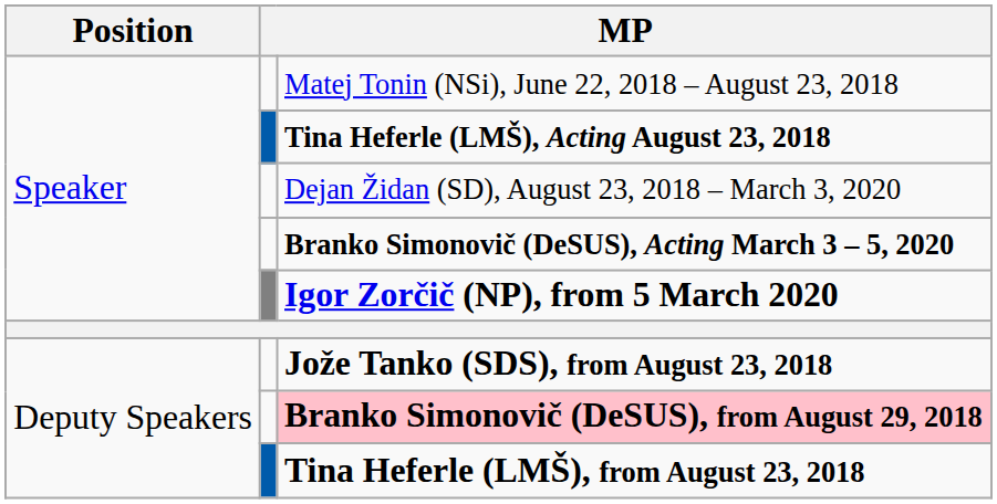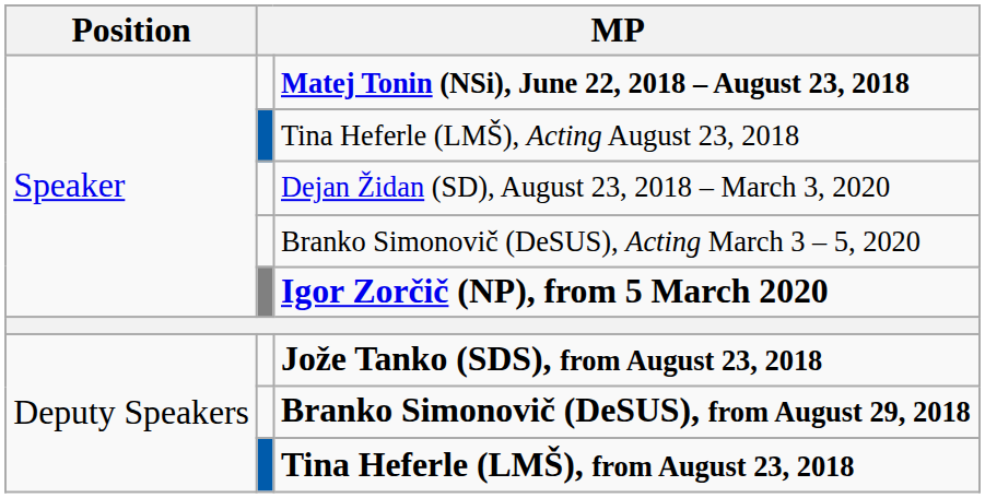 <table class="wikitable" style="line-height:16px;">
 <tr>
 <th>Position</th>
 <th colspan="2">MP</th>
 </tr>
 <tr>
 <td rowspan="5"><a href='#'>Speaker</a></td>
 <td style="background:"></td>
-<td><small><a href='#'>Matej Tonin</a> (NSi), June 22, 2018 – August 23, 2018</small></td>
+<td><strong><small><a href='#'>Matej Tonin</a> (NSi), June 22, 2018 – August 23, 2018</small></strong></td>
 </tr>
 <tr>
 <td style="background:#005bab"></td>
-<td><strong><small>Tina Heferle (LMŠ), <em>Acting</em> August 23, 2018</small></strong></td>
+<td><small>Tina Heferle (LMŠ), <em>Acting</em> August 23, 2018</small></td>
 </tr>
 <tr>
 <td style="background:"></td>
 <td><small><a href='#'>Dejan Židan</a> (SD), August 23, 2018 – March 3, 2020</small></td>
 </tr>
 <tr>
 <td style="background:"></td>
-<td><strong><small>Branko Simonovič (DeSUS), <em>Acting</em> March 3 – 5, 2020</small></strong></td>
+<td><small>Branko Simonovič (DeSUS), <em>Acting</em> March 3 – 5, 2020</small></td>
 </tr>
 <tr>
 <td style="background:gray;"></td>
 <td><strong><a href='#'>Igor Zorčič</a> (NP), from 5 March 2020</strong></td>
 </tr>
 <tr>
 <th colspan="3"></th>
 </tr>
 <tr>
 <td rowspan="3">Deputy Speakers</td>
 <td style="background:"></td>
 <td><strong>Jože Tanko (SDS), <small>from August 23, 2018</small></strong></td>
 </tr>
 <tr>
 <td style="background:"></td>
-<td style="background: pink;"><strong>Branko Simonovič (DeSUS), <small>from August 29, 2018</small></strong></td>
+<td><strong>Branko Simonovič (DeSUS), <small>from August 29, 2018</small></strong></td>
 </tr>
 <tr>
 <td style="background:#005bab"></td>
 <td><strong>Tina Heferle (LMŠ), <small>from August 23, 2018</small></strong></td>
 </tr>
 </table>
